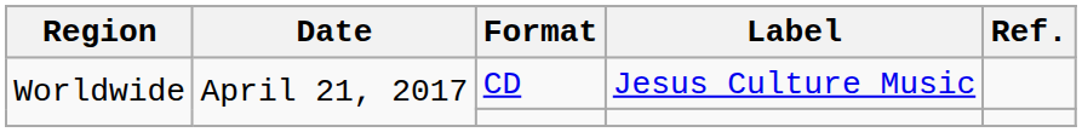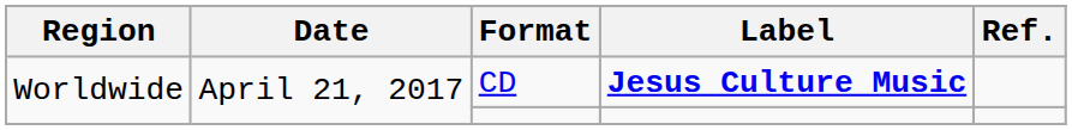 <table class="wikitable plainrowheaders">
 <tr>
 </tr>
 <tr>
 <th scope="col">Region</th>
 <th scope="col">Date</th>
 <th scope="col">Format</th>
 <th scope="col">Label</th>
 <th scope="col">Ref.</th>
 </tr>
 <tr>
 <td rowspan="2">Worldwide</td>
 <td rowspan="2">April 21, 2017</td>
 <td><a href='#'>CD</a></td>
-<td><a href='#'>Jesus Culture Music</a></td>
+<td><strong><a href='#'>Jesus Culture Music</a></strong></td>
 <td></td>
 </tr>
 <tr>
 <td></td>
 <td></td>
 <td></td>
 </tr>
 </table>
